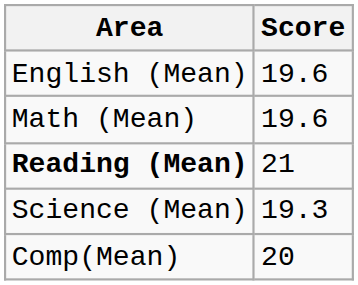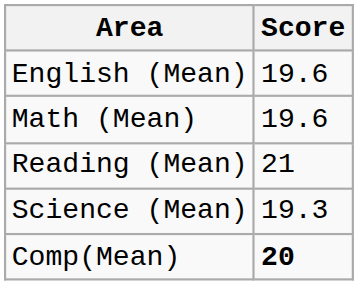 <table class="wikitable">
 <tr>
 <th>Area</th>
 <th>Score</th>
 </tr>
 <tr>
 <td>English (Mean)</td>
 <td>19.6</td>
 </tr>
 <tr>
 <td>Math (Mean)</td>
 <td>19.6</td>
 </tr>
 <tr>
-<td><strong>Reading (Mean)</strong></td>
+<td>Reading (Mean)</td>
 <td>21</td>
 </tr>
 <tr>
 <td>Science (Mean)</td>
 <td>19.3</td>
 </tr>
 <tr>
 <td>Comp(Mean)</td>
-<td>20</td>
+<td><strong>20</strong></td>
 </tr>
 </table>
